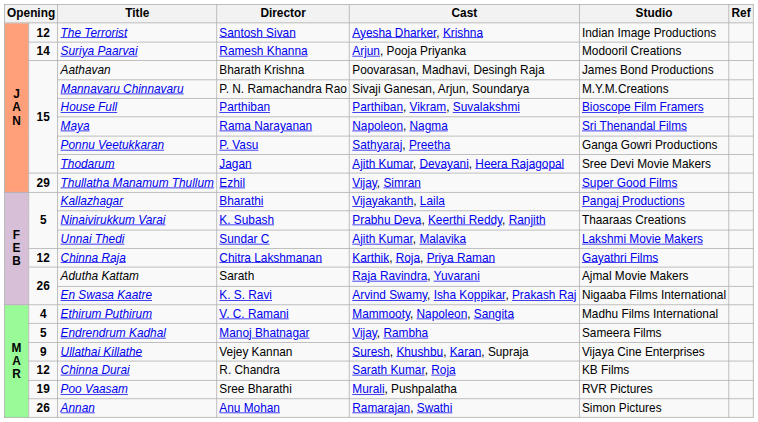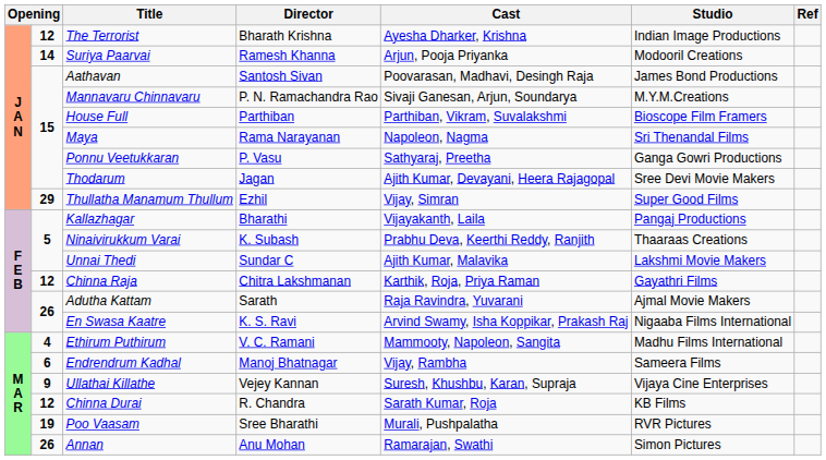 <table class="wikitable">
 <tr>
 <th colspan="2">Opening</th>
 <th>Title</th>
 <th>Director</th>
 <th>Cast</th>
 <th>Studio</th>
 <th>Ref</th>
 </tr>
 <tr -- January!="???">
 <td rowspan="9" valign="center" align="center" style="background:#FFA07A; textcolor:#000;"><strong>J<br>A<br>N</strong></td>
 <td rowspan="1" align="center"><strong>12</strong></td>
 <td><em><a href='#'>The Terrorist</a></em></td>
-<td><a href='#'>Santosh Sivan</a></td>
+<td>Bharath Krishna</td>
 <td><a href='#'>Ayesha Dharker</a>, <a href='#'>Krishna</a></td>
 <td>Indian Image Productions</td>
 <td></td>
 </tr>
 <tr -->
 <td rowspan="1" align="center"><strong>14</strong></td>
 <td><em><a href='#'>Suriya Paarvai</a></em></td>
 <td><a href='#'>Ramesh Khanna</a></td>
 <td><a href='#'>Arjun</a>, Pooja Priyanka</td>
 <td>Modooril Creations</td>
 <td></td>
 </tr>
 <tr -->
 <td rowspan="6" align="center"><strong>15</strong></td>
 <td><em>Aathavan</em></td>
-<td>Bharath Krishna</td>
+<td><a href='#'>Santosh Sivan</a></td>
 <td>Poovarasan, Madhavi, Desingh Raja</td>
 <td>James Bond Productions</td>
 <td></td>
 </tr>
 <tr>
 <td><em><a href='#'>Mannavaru Chinnavaru</a></em></td>
 <td>P. N. Ramachandra Rao</td>
 <td>Sivaji Ganesan, Arjun, Soundarya</td>
 <td>M.Y.M.Creations</td>
 <td></td>
 </tr>
 <tr>
 <td><em><a href='#'>House Full</a></em></td>
 <td><a href='#'>Parthiban</a></td>
 <td><a href='#'>Parthiban</a>, <a href='#'>Vikram</a>, <a href='#'>Suvalakshmi</a></td>
 <td><a href='#'>Bioscope Film Framers</a></td>
 <td></td>
 </tr>
 <tr -->
 <td><em><a href='#'>Maya</a></em></td>
 <td><a href='#'>Rama Narayanan</a></td>
 <td><a href='#'>Napoleon</a>, <a href='#'>Nagma</a></td>
 <td><a href='#'>Sri Thenandal Films</a></td>
 <td></td>
 </tr>
 <tr -->
 <td><em><a href='#'>Ponnu Veetukkaran</a></em></td>
 <td><a href='#'>P. Vasu</a></td>
 <td><a href='#'>Sathyaraj</a>, <a href='#'>Preetha</a></td>
 <td>Ganga Gowri Productions</td>
 <td></td>
 </tr>
 <tr -->
 <td><em><a href='#'>Thodarum</a></em></td>
 <td><a href='#'>Jagan</a></td>
 <td><a href='#'>Ajith Kumar</a>, <a href='#'>Devayani</a>, <a href='#'>Heera Rajagopal</a></td>
 <td>Sree Devi Movie Makers</td>
 <td></td>
 </tr>
 <tr -->
 <td rowspan="1" align="center"><strong>29</strong></td>
 <td><em><a href='#'>Thullatha Manamum Thullum</a></em></td>
 <td><a href='#'>Ezhil</a></td>
 <td><a href='#'>Vijay</a>, <a href='#'>Simran</a></td>
 <td><a href='#'>Super Good Films</a></td>
 <td></td>
 </tr>
 <tr --   February!="???">
 <td rowspan="6" valign="center" align="center" style="background:#D8BFD8; textcolor:#000;"><strong>F<br>E<br>B</strong></td>
 <td rowspan="3" align="center"><strong>5</strong></td>
 <td><em><a href='#'>Kallazhagar</a></em></td>
 <td><a href='#'>Bharathi</a></td>
 <td><a href='#'>Vijayakanth</a>, <a href='#'>Laila</a></td>
 <td><a href='#'>Pangaj Productions</a></td>
 <td></td>
 </tr>
 <tr -->
 <td><em><a href='#'>Ninaivirukkum Varai</a></em></td>
 <td><a href='#'>K. Subash</a></td>
 <td><a href='#'>Prabhu Deva</a>, <a href='#'>Keerthi Reddy</a>, <a href='#'>Ranjith</a></td>
 <td>Thaaraas Creations</td>
 <td></td>
 </tr>
 <tr -->
 <td><em><a href='#'>Unnai Thedi</a></em></td>
 <td><a href='#'>Sundar C</a></td>
 <td><a href='#'>Ajith Kumar</a>, <a href='#'>Malavika</a></td>
 <td><a href='#'>Lakshmi Movie Makers</a></td>
 <td></td>
 </tr>
 <tr -->
 <td rowspan="1" align="center"><strong>12</strong></td>
 <td><em><a href='#'>Chinna Raja</a></em></td>
 <td><a href='#'>Chitra Lakshmanan</a></td>
 <td><a href='#'>Karthik</a>, <a href='#'>Roja</a>, <a href='#'>Priya Raman</a></td>
 <td><a href='#'>Gayathri Films</a></td>
 <td></td>
 </tr>
 <tr -->
 <td rowspan="2" align="center"><strong>26</strong></td>
 <td><em>Adutha Kattam</em></td>
 <td>Sarath</td>
 <td><a href='#'>Raja Ravindra</a>, <a href='#'>Yuvarani</a></td>
 <td>Ajmal Movie Makers</td>
 <td></td>
 </tr>
 <tr -->
 <td><em><a href='#'>En Swasa Kaatre</a></em></td>
 <td><a href='#'>K. S. Ravi</a></td>
 <td><a href='#'>Arvind Swamy</a>, <a href='#'>Isha Koppikar</a>, <a href='#'>Prakash Raj</a></td>
 <td>Nigaaba Films International</td>
 <td></td>
 </tr>
 <tr --   March="???">
 <td rowspan="6" valign="center" align="center" style="background:#98FB98; textcolor:#000;"><strong>M<br>A<br>R</strong></td>
 <td rowspan="1" align="center"><strong>4</strong></td>
 <td><em><a href='#'>Ethirum Puthirum</a></em></td>
 <td><a href='#'>V. C. Ramani</a></td>
 <td><a href='#'>Mammooty</a>, <a href='#'>Napoleon</a>, <a href='#'>Sangita</a></td>
 <td>Madhu Films International</td>
 <td></td>
 </tr>
 <tr -->
-<td rowspan="1" align="center"><strong>5</strong></td>
+<td rowspan="1" align="center"><strong>6</strong></td>
 <td><em><a href='#'>Endrendrum Kadhal</a></em></td>
 <td><a href='#'>Manoj Bhatnagar</a></td>
 <td><a href='#'>Vijay</a>, <a href='#'>Rambha</a></td>
 <td>Sameera Films</td>
 <td></td>
 </tr>
 <tr -->
 <td rowspan="1" align="center"><strong>9</strong></td>
 <td><em><a href='#'>Ullathai Killathe</a></em></td>
 <td>Vejey Kannan</td>
 <td><a href='#'>Suresh</a>, <a href='#'>Khushbu</a>, <a href='#'>Karan</a>, Supraja</td>
 <td>Vijaya Cine Enterprises</td>
 <td></td>
 </tr>
 <tr -->
 <td rowspan="1" align="center"><strong>12</strong></td>
 <td><em><a href='#'>Chinna Durai</a></em></td>
 <td>R. Chandra</td>
 <td><a href='#'>Sarath Kumar</a>, <a href='#'>Roja</a></td>
 <td>KB Films</td>
 <td></td>
 </tr>
 <tr -->
 <td rowspan="1" align="center"><strong>19</strong></td>
 <td><em><a href='#'>Poo Vaasam</a></em></td>
 <td>Sree Bharathi</td>
 <td><a href='#'>Murali</a>, Pushpalatha</td>
 <td>RVR Pictures</td>
 <td></td>
 </tr>
 <tr -->
 <td rowspan="1" align="center"><strong>26</strong></td>
 <td><em><a href='#'>Annan</a></em></td>
 <td><a href='#'>Anu Mohan</a></td>
 <td><a href='#'>Ramarajan</a>, <a href='#'>Swathi</a></td>
 <td>Simon Pictures</td>
 <td></td>
 </tr>
 </table>
